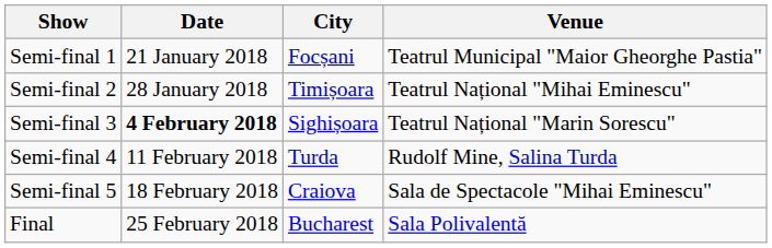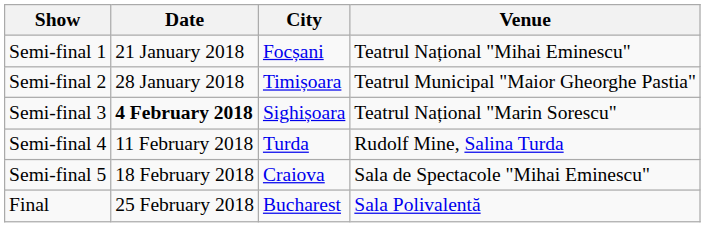 <table class="wikitable plainrowheaders">
 <tr>
 <th scope="col">Show</th>
 <th scope="col">Date</th>
 <th scope="col">City</th>
 <th scope="col">Venue</th>
 </tr>
 <tr>
 <td scope="row">Semi-final 1</td>
 <td>21 January 2018</td>
 <td><a href='#'>Focșani</a></td>
-<td>Teatrul Municipal "Maior Gheorghe Pastia"</td>
+<td>Teatrul Național "Mihai Eminescu"</td>
 </tr>
 <tr>
 <td scope="row">Semi-final 2</td>
 <td>28 January 2018</td>
 <td><a href='#'>Timișoara</a></td>
-<td>Teatrul Național "Mihai Eminescu"</td>
+<td>Teatrul Municipal "Maior Gheorghe Pastia"</td>
 </tr>
 <tr>
 <td scope="row">Semi-final 3</td>
 <td><strong>4 February 2018</strong></td>
 <td><a href='#'>Sighișoara</a></td>
 <td>Teatrul Național "Marin Sorescu"</td>
 </tr>
 <tr>
 <td scope="row">Semi-final 4</td>
 <td>11 February 2018</td>
 <td><a href='#'>Turda</a></td>
 <td>Rudolf Mine, <a href='#'>Salina Turda</a></td>
 </tr>
 <tr>
 <td scope="row">Semi-final 5</td>
 <td>18 February 2018</td>
 <td><a href='#'>Craiova</a></td>
 <td>Sala de Spectacole "Mihai Eminescu"</td>
 </tr>
 <tr>
 <td scope="row">Final</td>
 <td>25 February 2018</td>
 <td><a href='#'>Bucharest</a></td>
 <td><a href='#'>Sala Polivalentă</a></td>
 </tr>
 </table>
